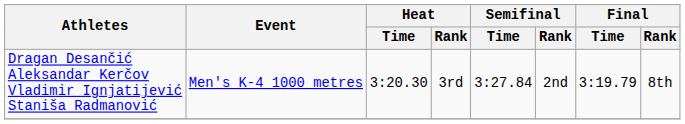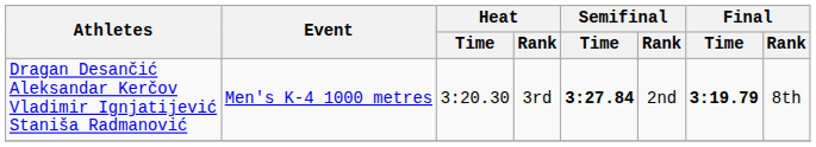 <table class=wikitable style=font-size:95%;text-align:center>
 <tr>
 <th rowspan=2>Athletes</th>
 <th rowspan=2>Event</th>
 <th colspan=2>Heat</th>
 <th colspan=2>Semifinal</th>
 <th colspan=2>Final</th>
 </tr>
 <tr style=font-size:100%>
 <th>Time</th>
 <th>Rank</th>
 <th>Time</th>
 <th>Rank</th>
 <th>Time</th>
 <th>Rank</th>
 </tr>
 <tr>
 <td align=left><a href='#'>Dragan Desančić</a><br><a href='#'>Aleksandar Kerčov</a><br><a href='#'>Vladimir Ignjatijević</a><br><a href='#'>Staniša Radmanović</a></td>
 <td align=left rowspan=1><a href='#'>Men's K-4 1000 metres</a></td>
 <td>3:20.30</td>
 <td>3rd</td>
-<td>3:27.84</td>
+<td><strong>3:27.84</strong></td>
 <td>2nd</td>
-<td>3:19.79</td>
+<td><strong>3:19.79</strong></td>
 <td>8th</td>
 </tr>
 <tr>
 </tr>
 </table>
